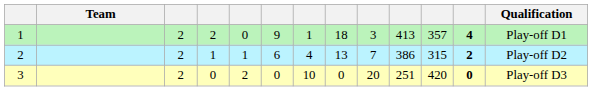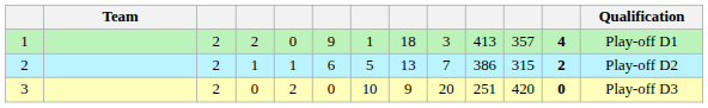 <table class=wikitable style="text-align:center" width=730>
 <tr>
 <th width=5.5%></th>
 <th width=22%>Team</th>
 <th width=5.5%></th>
 <th width=5.5%></th>
 <th width=5.5%></th>
 <th width=5.5%></th>
 <th width=5.5%></th>
 <th width=5.5%></th>
 <th width=5.5%></th>
 <th width=5.5%></th>
 <th width=5.5%></th>
 <th width=5.5%></th>
 <th width=18%>Qualification</th>
 </tr>
 <tr bgcolor=#bbf3bb>
 <td>1</td>
 <td style="text-align:left"></td>
 <td>2</td>
 <td>2</td>
 <td>0</td>
 <td>9</td>
 <td>1</td>
 <td>18</td>
 <td>3</td>
 <td>413</td>
 <td>357</td>
 <td><strong>4</strong></td>
 <td>Play-off D1</td>
 </tr>
 <tr bgcolor=#bbf3ff>
 <td>2</td>
 <td style="text-align:left"></td>
 <td>2</td>
 <td>1</td>
 <td>1</td>
 <td>6</td>
-<td>4</td>
+<td>5</td>
 <td>13</td>
 <td>7</td>
 <td>386</td>
 <td>315</td>
 <td><strong>2</strong></td>
 <td>Play-off D2</td>
 </tr>
 <tr bgcolor=#ffffbb>
 <td>3</td>
 <td style="text-align:left"></td>
 <td>2</td>
 <td>0</td>
 <td>2</td>
 <td>0</td>
 <td>10</td>
-<td>0</td>
+<td>9</td>
 <td>20</td>
 <td>251</td>
 <td>420</td>
 <td><strong>0</strong></td>
 <td>Play-off D3</td>
 </tr>
 </table>
